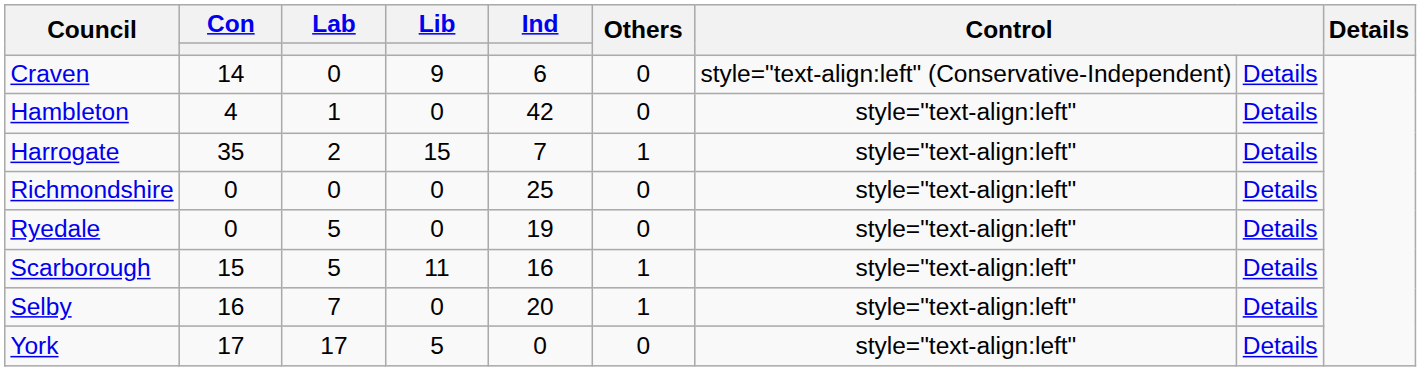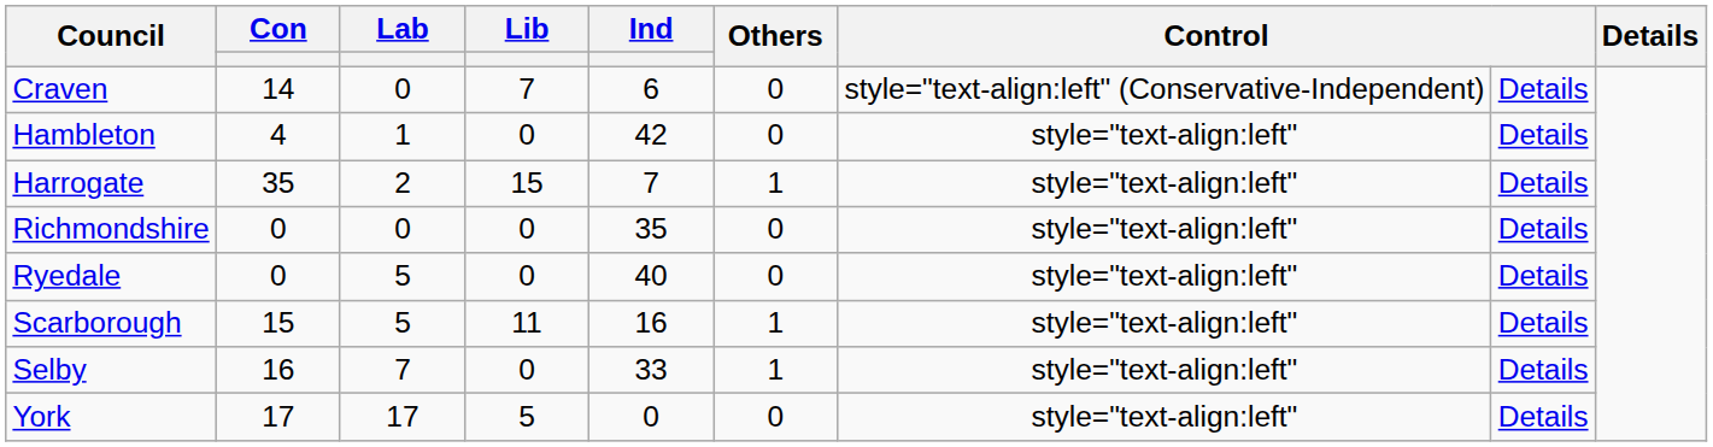 <table class="wikitable" style="text-align:center;">
 <tr>
 <th rowspan=2>Council</th>
 <th style="width:60px;"><a href='#'>Con</a></th>
 <th style="width:60px;"><a href='#'>Lab</a></th>
 <th style="width:60px;"><a href='#'>Lib</a></th>
 <th style="width:60px;"><a href='#'>Ind</a></th>
 <th style="width:60px;" rowspan=2>Others</th>
 <th rowspan=2 colspan=2>Control</th>
 <th rowspan=2>Details</th>
 </tr>
 <tr>
 <th style="background:"></th>
 <th style="background:"></th>
 <th style="background:"></th>
 <th style="background:"></th>
 </tr>
 <tr>
 <td style="text-align:left"><a href='#'>Craven</a></td>
 <td>14</td>
 <td>0</td>
-<td>9</td>
+<td>7</td>
 <td>6</td>
 <td>0</td>
 <td>style="text-align:left"  (Conservative-Independent)</td>
 <td style="text-align:left"><a href='#'>Details</a></td>
 </tr>
 <tr>
 <td style="text-align:left"><a href='#'>Hambleton</a></td>
 <td>4</td>
 <td>1</td>
 <td>0</td>
 <td>42</td>
 <td>0</td>
 <td>style="text-align:left" </td>
 <td style="text-align:left"><a href='#'>Details</a></td>
 </tr>
 <tr>
 <td style="text-align:left"><a href='#'>Harrogate</a></td>
 <td>35</td>
 <td>2</td>
 <td>15</td>
 <td>7</td>
 <td>1</td>
 <td>style="text-align:left" </td>
 <td style="text-align:left"><a href='#'>Details</a></td>
 </tr>
 <tr>
 <td style="text-align:left"><a href='#'>Richmondshire</a></td>
 <td>0</td>
 <td>0</td>
 <td>0</td>
-<td>25</td>
+<td>35</td>
 <td>0</td>
 <td>style="text-align:left" </td>
 <td style="text-align:left"><a href='#'>Details</a></td>
 </tr>
 <tr>
 <td style="text-align:left"><a href='#'>Ryedale</a></td>
 <td>0</td>
 <td>5</td>
 <td>0</td>
-<td>19</td>
+<td>40</td>
 <td>0</td>
 <td>style="text-align:left" </td>
 <td style="text-align:left"><a href='#'>Details</a></td>
 </tr>
 <tr>
 <td style="text-align:left"><a href='#'>Scarborough</a></td>
 <td>15</td>
 <td>5</td>
 <td>11</td>
 <td>16</td>
 <td>1</td>
 <td>style="text-align:left" </td>
 <td style="text-align:left"><a href='#'>Details</a></td>
 </tr>
 <tr>
 <td style="text-align:left"><a href='#'>Selby</a></td>
 <td>16</td>
 <td>7</td>
 <td>0</td>
-<td>20</td>
+<td>33</td>
 <td>1</td>
 <td>style="text-align:left" </td>
 <td style="text-align:left"><a href='#'>Details</a></td>
 </tr>
 <tr>
 <td style="text-align:left"><a href='#'>York</a></td>
 <td>17</td>
 <td>17</td>
 <td>5</td>
 <td>0</td>
 <td>0</td>
 <td>style="text-align:left" </td>
 <td style="text-align:left"><a href='#'>Details</a></td>
 </tr>
 </table>
